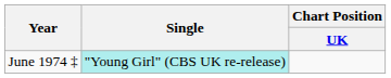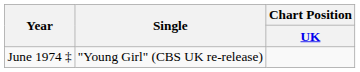 <table class="wikitable">
 <tr>
 <th rowspan="2">Year</th>
 <th rowspan="2">Single</th>
 <th colspan="2">Chart Position</th>
 </tr>
 <tr>
 <th><a href='#'>UK</a></th>
 </tr>
 <tr>
 <td>June 1974 ‡</td>
-<td style="background: paleturquoise;">"Young Girl" (CBS UK re-release)</td>
+<td>"Young Girl" (CBS UK re-release)</td>
 <td></td>
 </tr>
 </table>
